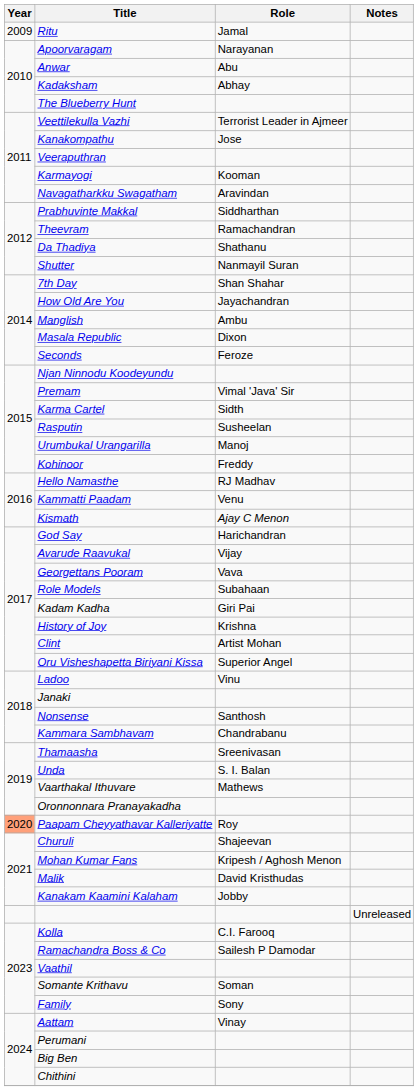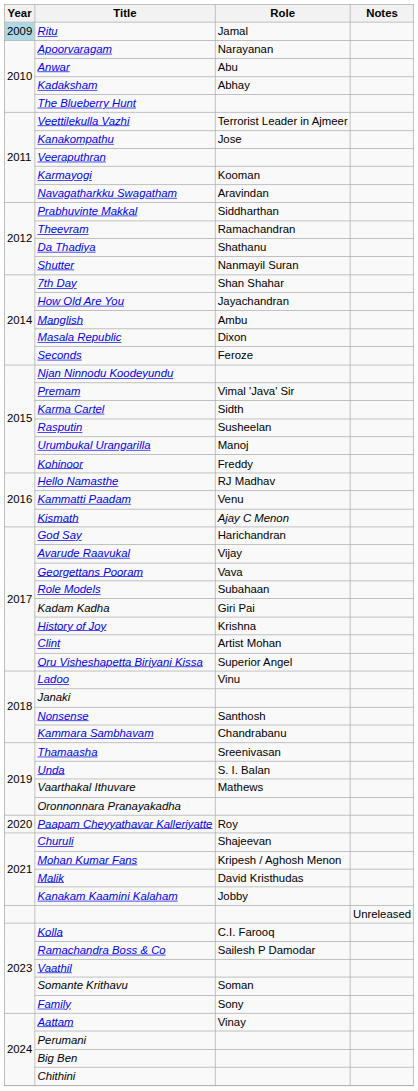 <table class="wikitable sortable">
 <tr>
 <th>Year</th>
 <th>Title</th>
 <th>Role</th>
 <th class="unsortable">Notes</th>
 </tr>
 <tr>
-<td>2009</td>
+<td style="background: lightblue;">2009</td>
 <td><em><a href='#'>Ritu</a></em></td>
 <td>Jamal</td>
 <td></td>
 </tr>
 <tr>
 <td rowspan=4>2010</td>
 <td><em><a href='#'>Apoorvaragam</a></em></td>
 <td>Narayanan</td>
 <td></td>
 </tr>
 <tr>
 <td><em><a href='#'>Anwar</a></em></td>
 <td>Abu</td>
 <td></td>
 </tr>
 <tr>
 <td><em><a href='#'>Kadaksham</a></em></td>
 <td>Abhay</td>
 <td></td>
 </tr>
 <tr>
 <td><em><a href='#'>The Blueberry Hunt</a></em></td>
 <td></td>
 <td></td>
 </tr>
 <tr>
 <td rowspan=5>2011</td>
 <td><em><a href='#'>Veettilekulla Vazhi</a></em></td>
 <td>Terrorist Leader in Ajmeer</td>
 <td></td>
 </tr>
 <tr>
 <td><em><a href='#'>Kanakompathu</a></em></td>
 <td>Jose</td>
 <td></td>
 </tr>
 <tr>
 <td><em><a href='#'>Veeraputhran</a></em></td>
 <td></td>
 <td></td>
 </tr>
 <tr>
 <td><em><a href='#'>Karmayogi</a></em></td>
 <td>Kooman</td>
 <td></td>
 </tr>
 <tr>
 <td><em><a href='#'>Navagatharkku Swagatham</a></em></td>
 <td>Aravindan</td>
 <td></td>
 </tr>
 <tr>
 <td rowspan=4>2012</td>
 <td><em><a href='#'>Prabhuvinte Makkal</a></em></td>
 <td>Siddharthan</td>
 <td></td>
 </tr>
 <tr>
 <td><em><a href='#'>Theevram</a></em></td>
 <td>Ramachandran</td>
 <td></td>
 </tr>
 <tr>
 <td><em><a href='#'>Da Thadiya</a></em></td>
 <td>Shathanu</td>
 <td></td>
 </tr>
 <tr>
 <td><em><a href='#'>Shutter</a></em></td>
 <td>Nanmayil Suran</td>
 <td></td>
 </tr>
 <tr>
 <td rowspan=5>2014</td>
 <td><em><a href='#'>7th Day</a></em></td>
 <td>Shan Shahar</td>
 <td></td>
 </tr>
 <tr>
 <td><em><a href='#'>How Old Are You</a></em></td>
 <td>Jayachandran</td>
 <td></td>
 </tr>
 <tr>
 <td><em><a href='#'>Manglish</a></em></td>
 <td>Ambu</td>
 <td></td>
 </tr>
 <tr>
 <td><em><a href='#'>Masala Republic</a></em></td>
 <td>Dixon</td>
 <td></td>
 </tr>
 <tr>
 <td><em><a href='#'>Seconds</a></em></td>
 <td>Feroze</td>
 <td></td>
 </tr>
 <tr>
 <td rowspan=6>2015</td>
 <td><em><a href='#'>Njan Ninnodu Koodeyundu</a></em></td>
 <td></td>
 <td></td>
 </tr>
 <tr>
 <td><em><a href='#'>Premam</a></em></td>
 <td>Vimal 'Java' Sir</td>
 <td></td>
 </tr>
 <tr>
 <td><em><a href='#'>Karma Cartel</a></em></td>
 <td>Sidth</td>
 <td></td>
 </tr>
 <tr>
 <td><em><a href='#'>Rasputin</a></em></td>
 <td>Susheelan</td>
 <td></td>
 </tr>
 <tr>
 <td><em><a href='#'>Urumbukal Urangarilla</a></em></td>
 <td>Manoj</td>
 </tr>
 <tr>
 <td><em><a href='#'>Kohinoor</a></em></td>
 <td>Freddy</td>
 <td></td>
 </tr>
 <tr>
 <td rowspan=3>2016</td>
 <td><em><a href='#'>Hello Namasthe</a></em></td>
 <td>RJ Madhav</td>
 <td></td>
 </tr>
 <tr>
 <td><em><a href='#'>Kammatti Paadam</a></em></td>
 <td>Venu</td>
 <td></td>
 </tr>
 <tr>
 <td><em><a href='#'>Kismath</a></em></td>
 <td><em>Ajay C Menon</em></td>
 <td></td>
 </tr>
 <tr>
 <td rowspan=8>2017</td>
 <td><em><a href='#'>God Say</a></em></td>
 <td>Harichandran</td>
 <td></td>
 </tr>
 <tr>
 <td><em><a href='#'>Avarude Raavukal</a></em></td>
 <td>Vijay</td>
 <td></td>
 </tr>
 <tr>
 <td><em><a href='#'>Georgettans Pooram</a></em></td>
 <td>Vava</td>
 <td></td>
 </tr>
 <tr>
 <td><em><a href='#'>Role Models</a></em></td>
 <td>Subahaan</td>
 <td></td>
 </tr>
 <tr>
 <td><em>Kadam Kadha</em></td>
 <td>Giri Pai</td>
 <td></td>
 </tr>
 <tr>
 <td><em><a href='#'>History of Joy</a></em></td>
 <td>Krishna</td>
 <td></td>
 </tr>
 <tr>
 <td><em><a href='#'>Clint</a></em></td>
 <td>Artist Mohan</td>
 <td></td>
 </tr>
 <tr>
 <td><em><a href='#'>Oru Visheshapetta Biriyani Kissa</a></em></td>
 <td>Superior Angel</td>
 <td></td>
 </tr>
 <tr>
 <td rowspan=4>2018</td>
 <td><em><a href='#'>Ladoo</a></em></td>
 <td>Vinu</td>
 <td></td>
 </tr>
 <tr>
 <td><em>Janaki</em></td>
 <td></td>
 <td></td>
 </tr>
 <tr>
 <td><em><a href='#'>Nonsense</a></em></td>
 <td>Santhosh</td>
 <td></td>
 </tr>
 <tr>
 <td><em><a href='#'>Kammara Sambhavam</a></em></td>
 <td>Chandrabanu</td>
 <td></td>
 </tr>
 <tr>
 <td rowspan=4>2019</td>
 <td><em><a href='#'>Thamaasha</a></em></td>
 <td>Sreenivasan</td>
 <td></td>
 </tr>
 <tr>
 <td><em><a href='#'>Unda</a></em></td>
 <td>S. I. Balan</td>
 <td></td>
 </tr>
 <tr>
 <td><em>Vaarthakal Ithuvare</em></td>
 <td>Mathews</td>
 <td></td>
 </tr>
 <tr>
 <td><em>Oronnonnara Pranayakadha</em></td>
 <td></td>
 <td></td>
 </tr>
 <tr>
-<td style="background: lightsalmon;">2020</td>
+<td>2020</td>
 <td><em><a href='#'>Paapam Cheyyathavar Kalleriyatte</a></em></td>
 <td>Roy</td>
 <td></td>
 </tr>
 <tr>
 <td rowspan=4>2021</td>
 <td><em><a href='#'>Churuli</a></em></td>
 <td>Shajeevan</td>
 <td></td>
 </tr>
 <tr>
 <td><em><a href='#'>Mohan Kumar Fans</a></em></td>
 <td>Kripesh / Aghosh Menon</td>
 <td></td>
 </tr>
 <tr>
 <td><em><a href='#'>Malik</a></em></td>
 <td>David Kristhudas</td>
 <td></td>
 </tr>
 <tr>
 <td><em><a href='#'>Kanakam Kaamini Kalaham</a></em></td>
 <td>Jobby</td>
 <td></td>
 </tr>
 <tr>
 <td></td>
 <td><em></em></td>
 <td></td>
 <td>Unreleased</td>
 </tr>
 <tr>
 <td rowspan=5>2023</td>
 <td><em><a href='#'>Kolla</a></em></td>
 <td>C.I. Farooq</td>
 <td></td>
 </tr>
 <tr>
 <td><em><a href='#'>Ramachandra Boss & Co</a></em></td>
 <td>Sailesh P Damodar</td>
 <td></td>
 </tr>
 <tr>
 <td><em><a href='#'>Vaathil</a></em></td>
 <td></td>
 <td></td>
 </tr>
 <tr>
 <td><em>Somante Krithavu</em></td>
 <td>Soman</td>
 <td></td>
 </tr>
 <tr>
 <td><em><a href='#'>Family</a></em></td>
 <td>Sony</td>
 <td></td>
 </tr>
 <tr>
 <td rowspan=4>2024</td>
 <td><em><a href='#'>Aattam</a></em></td>
 <td>Vinay</td>
 <td></td>
 </tr>
 <tr>
 <td><em>Perumani</em></td>
 <td></td>
 <td></td>
 </tr>
 <tr>
 <td><em>Big Ben</em></td>
 <td></td>
 <td></td>
 </tr>
 <tr>
 <td><em>Chithini</em></td>
 <td></td>
 <td></td>
 </tr>
 <tr>
 </tr>
 </table>
